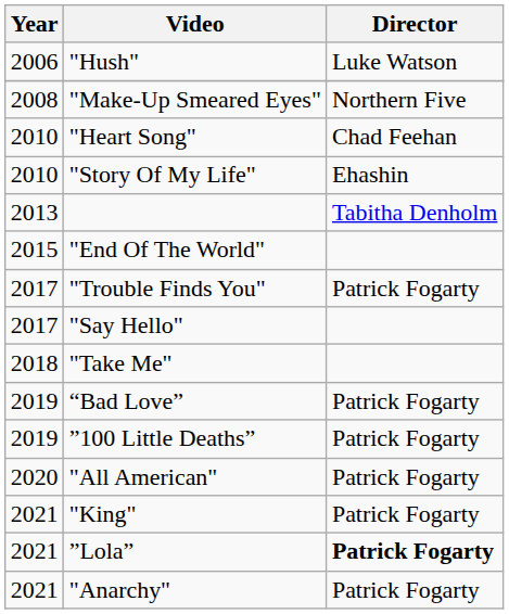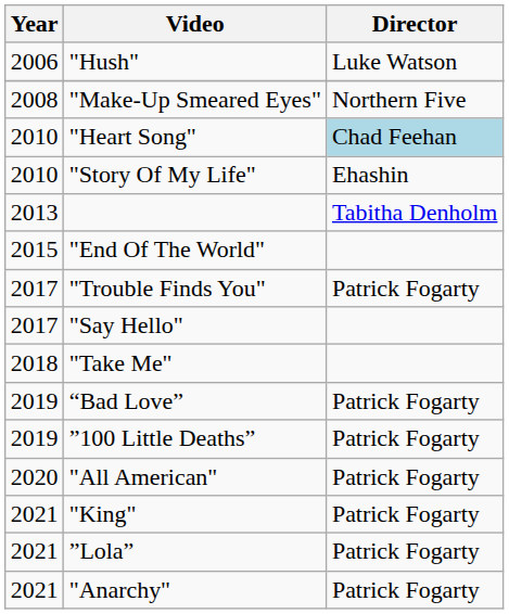 <table class="wikitable">
 <tr>
 <th>Year</th>
 <th>Video</th>
 <th>Director</th>
 </tr>
 <tr>
 <td>2006</td>
 <td>"Hush"</td>
 <td>Luke Watson</td>
 </tr>
 <tr Luke Watson>
 </tr>
 <tr>
 <td>2008</td>
 <td>"Make-Up Smeared Eyes"</td>
 <td>Northern Five</td>
 </tr>
 <tr>
 <td>2010</td>
 <td>"Heart Song"</td>
-<td>Chad Feehan</td>
+<td style="background: lightblue;">Chad Feehan</td>
 </tr>
 <tr>
 <td>2010</td>
 <td>"Story Of My Life"</td>
 <td>Ehashin</td>
 </tr>
 <tr>
 <td>2013</td>
 <td></td>
 <td><a href='#'>Tabitha Denholm</a></td>
 </tr>
 <tr>
 <td>2015</td>
 <td>"End Of The World"</td>
 <td></td>
 </tr>
 <tr>
 <td>2017</td>
 <td>"Trouble Finds You"</td>
 <td>Patrick Fogarty</td>
 </tr>
 <tr>
 <td>2017</td>
 <td>"Say Hello"</td>
 <td></td>
 </tr>
 <tr>
 <td>2018</td>
 <td>"Take Me"</td>
 <td></td>
 </tr>
 <tr>
 <td>2019</td>
 <td>“Bad Love”</td>
 <td>Patrick Fogarty</td>
 </tr>
 <tr>
 <td>2019</td>
 <td>”100 Little Deaths”</td>
 <td>Patrick Fogarty</td>
 </tr>
 <tr>
 <td>2020</td>
 <td>"All American"</td>
 <td>Patrick Fogarty</td>
 </tr>
 <tr>
 <td>2021</td>
 <td>"King"</td>
 <td>Patrick Fogarty</td>
 </tr>
 <tr>
 <td>2021</td>
 <td>”Lola”</td>
-<td><strong>Patrick Fogarty</strong></td>
+<td>Patrick Fogarty</td>
 </tr>
 <tr>
 <td>2021</td>
 <td>"Anarchy"</td>
 <td>Patrick Fogarty</td>
 </tr>
 </table>
